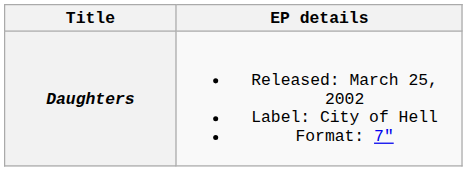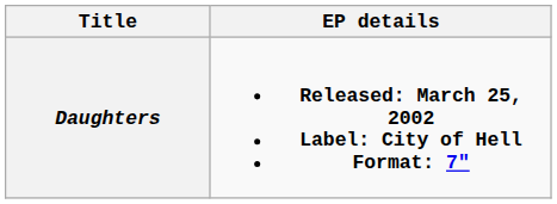 <table class="wikitable plainrowheaders" style="text-align:center;">
 <tr>
 <th scope="col" rowspan="1" style="width:10em;">Title</th>
 <th scope="col" rowspan="1" style="width:17em;">EP details</th>
 </tr>
 <tr>
 <th scope="row"><em>Daughters</em></th>
-<td><br><ul><li>Released: March 25, 2002</li><li>Label: City of Hell</li><li>Format: <a href='#'>7"</a></li></ul></td>
+<td><strong><br><ul><li>Released: March 25, 2002</li><li>Label: City of Hell</li><li>Format: <a href='#'>7"</a></li></ul></strong></td>
 </tr>
 </table>
